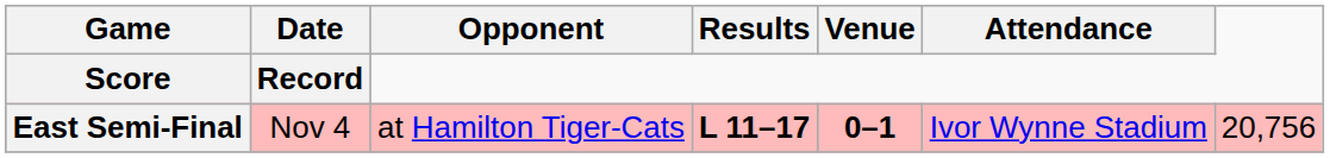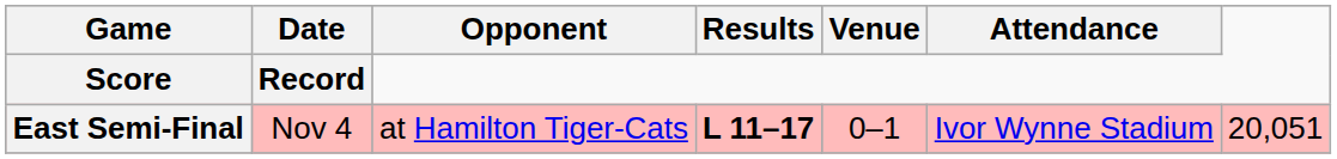 <table class="wikitable" style="text-align:center">
 <tr>
 <th>Game</th>
 <th>Date</th>
 <th>Opponent</th>
 <th>Results</th>
 <th>Venue</th>
 <th>Attendance</th>
 </tr>
 <tr>
 <th>Score</th>
 <th>Record</th>
 </tr>
 <tr style="background:#ffbbbb">
 <th>East Semi-Final</th>
 <td>Nov 4</td>
 <td>at <a href='#'>Hamilton Tiger-Cats</a></td>
 <td><strong>L 11–17</strong></td>
-<td><strong>0–1</strong></td>
+<td>0–1</td>
 <td><a href='#'>Ivor Wynne Stadium</a></td>
-<td>20,756</td>
+<td>20,051</td>
 </tr>
 </table>
